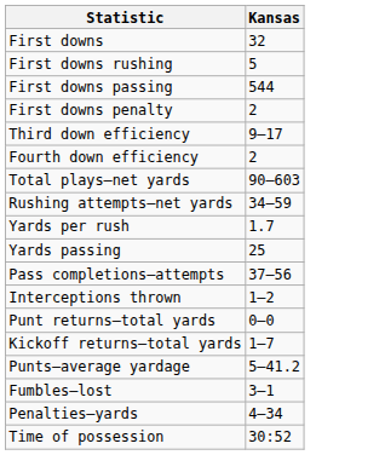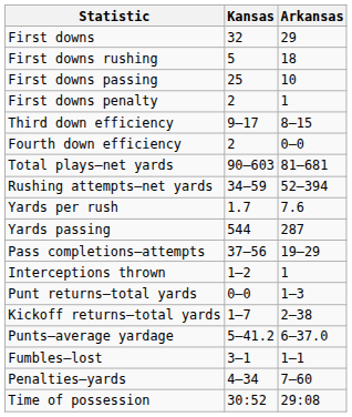 <table class="wikitable">
 <tr>
 <th>Statistic</th>
 <th><strong>Kansas</strong></th>
+<th><strong>Arkansas</strong></th>
 </tr>
 <tr>
 <td>First downs</td>
 <td>32</td>
+<td>29</td>
 </tr>
 <tr>
 <td>First downs rushing</td>
 <td>5</td>
+<td>18</td>
 </tr>
 <tr>
 <td>First downs passing</td>
-<td>544</td>
+<td>25</td>
+<td>10</td>
 </tr>
 <tr>
 <td>First downs penalty</td>
 <td>2</td>
+<td>1</td>
 </tr>
 <tr>
 <td>Third down efficiency</td>
 <td>9–17</td>
+<td>8–15</td>
 </tr>
 <tr>
 <td>Fourth down efficiency</td>
 <td>2</td>
+<td>0–0</td>
 </tr>
 <tr>
 <td>Total plays–net yards</td>
 <td>90–603</td>
+<td>81–681</td>
 </tr>
 <tr>
 <td>Rushing attempts–net yards</td>
 <td>34–59</td>
+<td>52–394</td>
 </tr>
 <tr>
 <td>Yards per rush</td>
 <td>1.7</td>
+<td>7.6</td>
 </tr>
 <tr>
 <td>Yards passing</td>
-<td>25</td>
+<td>544</td>
+<td>287</td>
 </tr>
 <tr>
 <td>Pass completions–attempts</td>
 <td>37–56</td>
+<td>19–29</td>
 </tr>
 <tr>
 <td>Interceptions thrown</td>
 <td>1–2</td>
+<td>1</td>
 </tr>
 <tr>
 <td>Punt returns–total yards</td>
 <td>0–0</td>
+<td>1–3</td>
 </tr>
 <tr>
 <td>Kickoff returns–total yards</td>
 <td>1–7</td>
+<td>2–38</td>
 </tr>
 <tr>
 <td>Punts–average yardage</td>
 <td>5–41.2</td>
+<td>6–37.0</td>
 </tr>
 <tr>
 <td>Fumbles–lost</td>
 <td>3–1</td>
+<td>1–1</td>
 </tr>
 <tr>
 <td>Penalties–yards</td>
 <td>4–34</td>
+<td>7–60</td>
 </tr>
 <tr>
 <td>Time of possession</td>
 <td>30:52</td>
+<td>29:08</td>
 </tr>
 </table>
